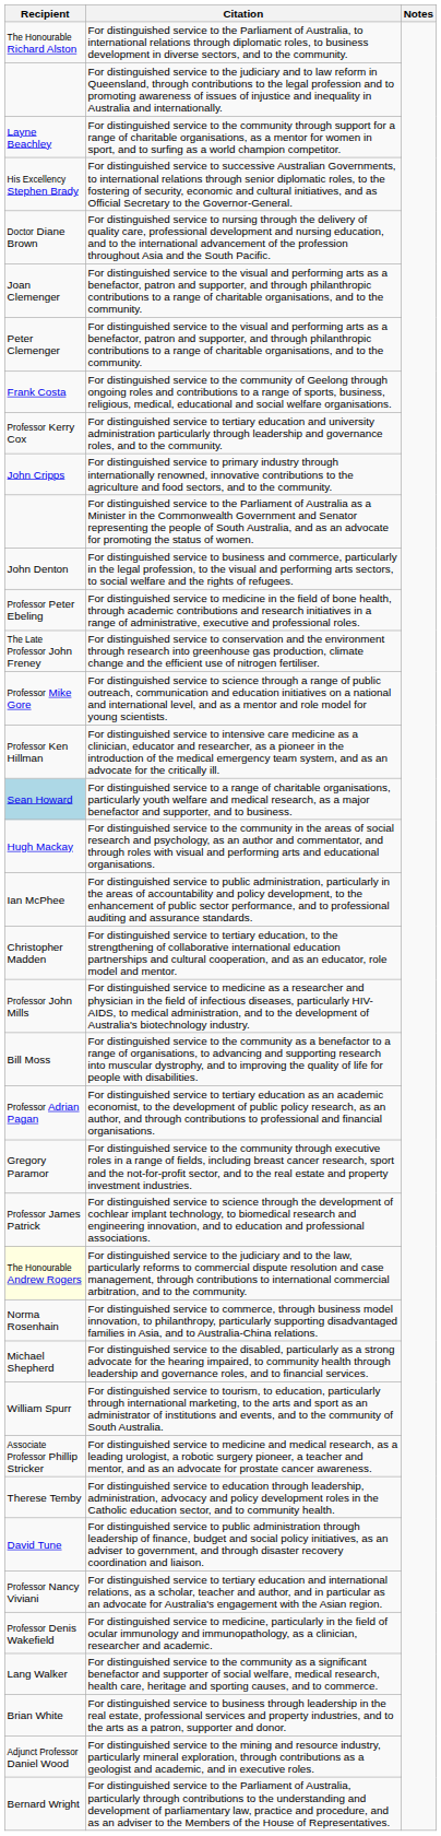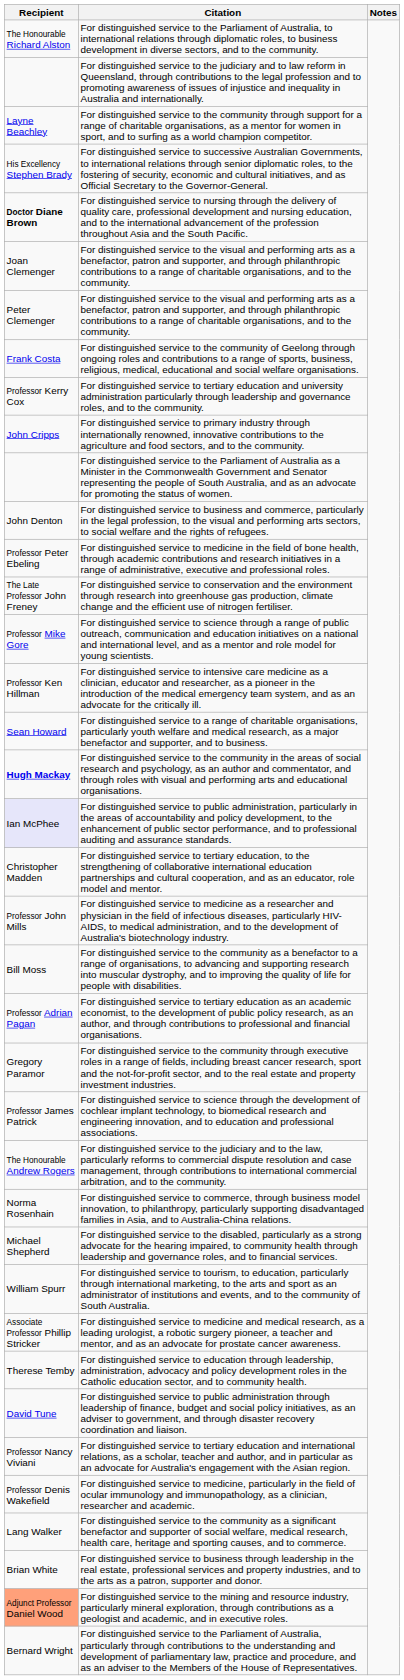 <table class="wikitable" style="font-size:95%;">
 <tr>
 <th>Recipient</th>
 <th>Citation</th>
 <th>Notes</th>
 </tr>
 <tr>
 <td><small>The Honourable</small> <a href='#'>Richard Alston</a></td>
 <td>For distinguished service to the Parliament of Australia, to international relations through diplomatic roles, to business development in diverse sectors, and to the community.</td>
 <td rowspan=38></td>
 </tr>
 <tr>
 <td></td>
 <td>For distinguished service to the judiciary and to law reform in Queensland, through contributions to the legal profession and to promoting awareness of issues of injustice and inequality in Australia and internationally.</td>
 </tr>
 <tr>
 <td><a href='#'>Layne Beachley</a></td>
 <td>For distinguished service to the community through support for a range of charitable organisations, as a mentor for women in sport, and to surfing as a world champion competitor.</td>
 </tr>
 <tr>
 <td><small>His Excellency</small> <a href='#'>Stephen Brady</a> </td>
 <td>For distinguished service to successive Australian Governments, to international relations through senior diplomatic roles, to the fostering of security, economic and cultural initiatives, and as Official Secretary to the Governor-General.</td>
 </tr>
 <tr>
-<td><small>Doctor</small> Diane Brown</td>
+<td><strong><small>Doctor</small> Diane Brown</strong></td>
 <td>For distinguished service to nursing through the delivery of quality care, professional development and nursing education, and to the international advancement of the profession throughout Asia and the South Pacific.</td>
 </tr>
 <tr>
 <td>Joan Clemenger</td>
 <td>For distinguished service to the visual and performing arts as a benefactor, patron and supporter, and through philanthropic contributions to a range of charitable organisations, and to the community.</td>
 </tr>
 <tr>
 <td>Peter Clemenger </td>
 <td>For distinguished service to the visual and performing arts as a benefactor, patron and supporter, and through philanthropic contributions to a range of charitable organisations, and to the community.</td>
 </tr>
 <tr>
 <td><a href='#'>Frank Costa</a> </td>
 <td>For distinguished service to the community of Geelong through ongoing roles and contributions to a range of sports, business, religious, medical, educational and social welfare organisations.</td>
 </tr>
 <tr>
 <td><small>Professor</small> Kerry Cox</td>
 <td>For distinguished service to tertiary education and university administration particularly through leadership and governance roles, and to the community.</td>
 </tr>
 <tr>
 <td><a href='#'>John Cripps</a></td>
 <td>For distinguished service to primary industry through internationally renowned, innovative contributions to the agriculture and food sectors, and to the community.</td>
 </tr>
 <tr>
 <td></td>
 <td>For distinguished service to the Parliament of Australia as a Minister in the Commonwealth Government and Senator representing the people of South Australia, and as an advocate for promoting the status of women.</td>
 </tr>
 <tr>
 <td>John Denton</td>
 <td>For distinguished service to business and commerce, particularly in the legal profession, to the visual and performing arts sectors, to social welfare and the rights of refugees.</td>
 </tr>
 <tr>
 <td><small>Professor</small> Peter Ebeling</td>
 <td>For distinguished service to medicine in the field of bone health, through academic contributions and research initiatives in a range of administrative, executive and professional roles.</td>
 </tr>
 <tr>
 <td><small>The Late Professor</small> John Freney</td>
 <td>For distinguished service to conservation and the environment through research into greenhouse gas production, climate change and the efficient use of nitrogen fertiliser.</td>
 </tr>
 <tr>
 <td><small>Professor</small> <a href='#'>Mike Gore</a> </td>
 <td>For distinguished service to science through a range of public outreach, communication and education initiatives on a national and international level, and as a mentor and role model for young scientists.</td>
 </tr>
 <tr>
 <td><small>Professor</small> Ken Hillman</td>
 <td>For distinguished service to intensive care medicine as a clinician, educator and researcher, as a pioneer in the introduction of the medical emergency team system, and as an advocate for the critically ill.</td>
 </tr>
 <tr>
-<td style="background: lightblue;"><a href='#'>Sean Howard</a></td>
+<td><a href='#'>Sean Howard</a></td>
 <td>For distinguished service to a range of charitable organisations, particularly youth welfare and medical research, as a major benefactor and supporter, and to business.</td>
 </tr>
 <tr>
-<td><a href='#'>Hugh Mackay</a></td>
+<td><strong><a href='#'>Hugh Mackay</a></strong></td>
 <td>For distinguished service to the community in the areas of social research and psychology, as an author and commentator, and through roles with visual and performing arts and educational organisations.</td>
 </tr>
 <tr>
-<td>Ian McPhee </td>
+<td style="background: lavender;">Ian McPhee </td>
 <td>For distinguished service to public administration, particularly in the areas of accountability and policy development, to the enhancement of public sector performance, and to professional auditing and assurance standards.</td>
 </tr>
 <tr>
 <td>Christopher Madden</td>
 <td>For distinguished service to tertiary education, to the strengthening of collaborative international education partnerships and cultural cooperation, and as an educator, role model and mentor.</td>
 </tr>
 <tr>
 <td><small>Professor</small> John Mills</td>
 <td>For distinguished service to medicine as a researcher and physician in the field of infectious diseases, particularly HIV-AIDS, to medical administration, and to the development of Australia's biotechnology industry.</td>
 </tr>
 <tr>
 <td>Bill Moss </td>
 <td>For distinguished service to the community as a benefactor to a range of organisations, to advancing and supporting research into muscular dystrophy, and to improving the quality of life for people with disabilities.</td>
 </tr>
 <tr>
 <td><small>Professor</small> <a href='#'>Adrian Pagan</a></td>
 <td>For distinguished service to tertiary education as an academic economist, to the development of public policy research, as an author, and through contributions to professional and financial organisations.</td>
 </tr>
 <tr>
 <td>Gregory Paramor</td>
 <td>For distinguished service to the community through executive roles in a range of fields, including breast cancer research, sport and the not-for-profit sector, and to the real estate and property investment industries.</td>
 </tr>
 <tr>
 <td><small>Professor</small> James Patrick</td>
 <td>For distinguished service to science through the development of cochlear implant technology, to biomedical research and engineering innovation, and to education and professional associations.</td>
 </tr>
 <tr>
-<td style="background: lightyellow;"><small>The Honourable</small> <a href='#'>Andrew Rogers</a> </td>
+<td><small>The Honourable</small> <a href='#'>Andrew Rogers</a> </td>
 <td>For distinguished service to the judiciary and to the law, particularly reforms to commercial dispute resolution and case management, through contributions to international commercial arbitration, and to the community.</td>
 </tr>
 <tr>
 <td>Norma Rosenhain</td>
 <td>For distinguished service to commerce, through business model innovation, to philanthropy, particularly supporting disadvantaged families in Asia, and to Australia-China relations.</td>
 </tr>
 <tr>
 <td>Michael Shepherd</td>
 <td>For distinguished service to the disabled, particularly as a strong advocate for the hearing impaired, to community health through leadership and governance roles, and to financial services.</td>
 </tr>
 <tr>
 <td>William Spurr</td>
 <td>For distinguished service to tourism, to education, particularly through international marketing, to the arts and sport as an administrator of institutions and events, and to the community of South Australia.</td>
 </tr>
 <tr>
 <td><small>Associate Professor</small> Phillip Stricker</td>
 <td>For distinguished service to medicine and medical research, as a leading urologist, a robotic surgery pioneer, a teacher and mentor, and as an advocate for prostate cancer awareness.</td>
 </tr>
 <tr>
 <td>Therese Temby</td>
 <td>For distinguished service to education through leadership, administration, advocacy and policy development roles in the Catholic education sector, and to community health.</td>
 </tr>
 <tr>
 <td><a href='#'>David Tune</a> </td>
 <td>For distinguished service to public administration through leadership of finance, budget and social policy initiatives, as an adviser to government, and through disaster recovery coordination and liaison.</td>
 </tr>
 <tr>
 <td><small>Professor</small> Nancy Viviani</td>
 <td>For distinguished service to tertiary education and international relations, as a scholar, teacher and author, and in particular as an advocate for Australia's engagement with the Asian region.</td>
 </tr>
 <tr>
 <td><small>Professor</small> Denis Wakefield</td>
 <td>For distinguished service to medicine, particularly in the field of ocular immunology and immunopathology, as a clinician, researcher and academic.</td>
 </tr>
 <tr>
 <td>Lang Walker</td>
 <td>For distinguished service to the community as a significant benefactor and supporter of social welfare, medical research, health care, heritage and sporting causes, and to commerce.</td>
 </tr>
 <tr>
 <td>Brian White</td>
 <td>For distinguished service to business through leadership in the real estate, professional services and property industries, and to the arts as a patron, supporter and donor.</td>
 </tr>
 <tr>
-<td><small>Adjunct Professor</small> Daniel Wood</td>
+<td style="background: lightsalmon;"><small>Adjunct Professor</small> Daniel Wood</td>
 <td>For distinguished service to the mining and resource industry, particularly mineral exploration, through contributions as a geologist and academic, and in executive roles.</td>
 </tr>
 <tr>
 <td>Bernard Wright</td>
 <td>For distinguished service to the Parliament of Australia, particularly through contributions to the understanding and development of parliamentary law, practice and procedure, and as an adviser to the Members of the House of Representatives.</td>
 </tr>
 </table>
